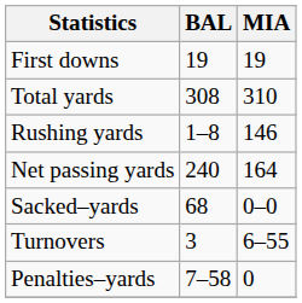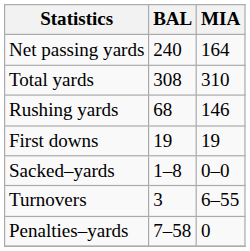 <table class="wikitable" style="float: left;">
 <tr>
 <th>Statistics</th>
 <th>BAL</th>
 <th>MIA</th>
 </tr>
 <tr>
-<td>First downs</td>
-<td>19</td>
-<td>19</td>
+<td>Net passing yards</td>
+<td>240</td>
+<td>164</td>
 </tr>
 <tr>
 <td>Total yards</td>
 <td>308</td>
 <td>310</td>
 </tr>
 <tr>
 <td>Rushing yards</td>
-<td>1–8</td>
+<td>68</td>
 <td>146</td>
 </tr>
 <tr>
-<td>Net passing yards</td>
-<td>240</td>
-<td>164</td>
+<td>First downs</td>
+<td>19</td>
+<td>19</td>
 </tr>
 <tr>
 <td>Sacked–yards</td>
-<td>68</td>
+<td>1–8</td>
 <td>0–0</td>
 </tr>
 <tr>
 <td>Turnovers</td>
 <td>3</td>
 <td>6–55</td>
 </tr>
 <tr>
 <td>Penalties–yards</td>
 <td>7–58</td>
 <td>0</td>
 </tr>
 <tr>
 </tr>
 </table>
